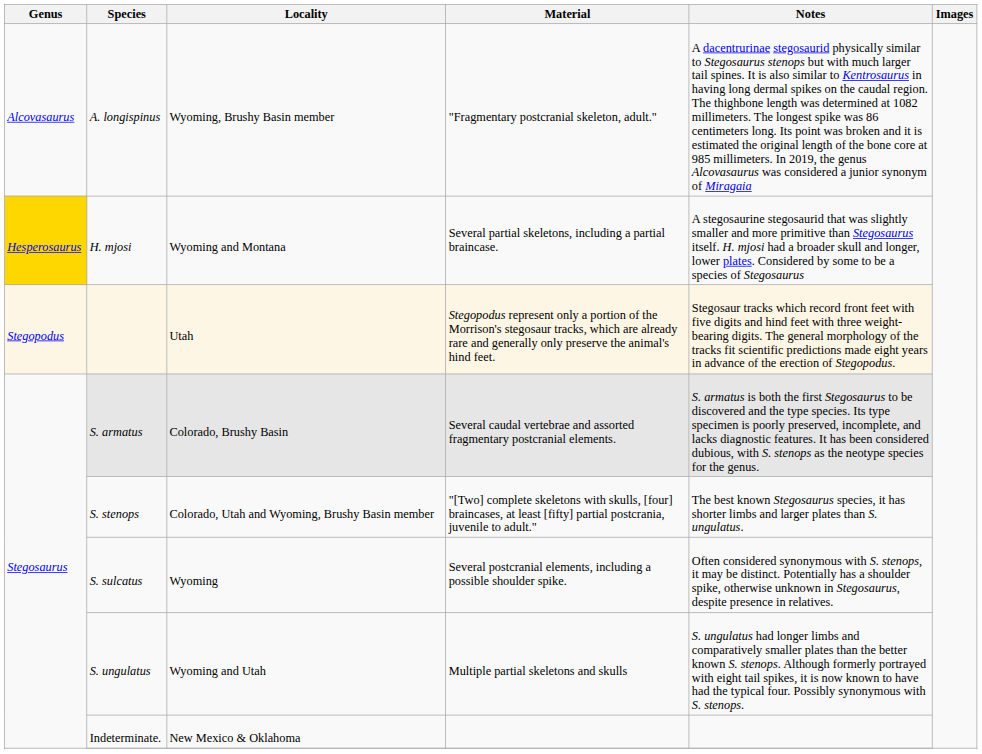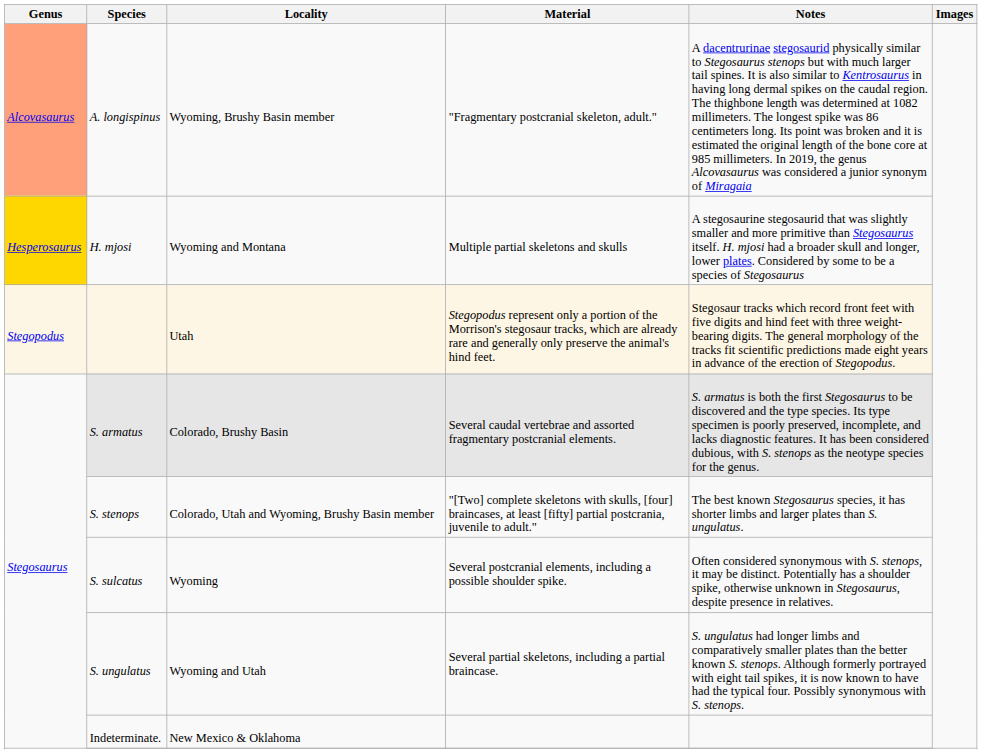 <table class="wikitable" align="center" width="100%">
 <tr>
 <th>Genus</th>
 <th>Species</th>
 <th>Locality</th>
 <th width="25%">Material</th>
 <th width="25%">Notes</th>
 <th>Images</th>
 </tr>
 <tr>
-<td><br><em><a href='#'>Alcovasaurus</a></em></td>
+<td style="background: lightsalmon;"><br><em><a href='#'>Alcovasaurus</a></em></td>
 <td><br><em>A. longispinus</em></td>
 <td><br>Wyoming, Brushy Basin member</td>
 <td><br>"Fragmentary postcranial skeleton, adult."</td>
 <td><br>A <a href='#'>dacentrurinae</a> <a href='#'>stegosaurid</a> physically similar to <em>Stegosaurus stenops</em> but with much larger tail spines. It is also similar to <em><a href='#'>Kentrosaurus</a></em> in having long dermal spikes on the caudal region. The thighbone length was determined at 1082 millimeters. The longest spike was 86 centimeters long. Its point was broken and it is estimated the original length of the bone core at 985 millimeters. In 2019, the genus <em>Alcovasaurus</em> was considered a junior synonym of <em><a href='#'>Miragaia</a></em></td>
 <td rowspan="34"><br>   </td>
 </tr>
 <tr>
 <td style="background: gold;"><br><em><a href='#'>Hesperosaurus</a></em></td>
 <td><br><em>H. mjosi</em></td>
 <td><br>Wyoming and Montana</td>
-<td>Several partial skeletons, including a partial braincase.</td>
+<td><br>Multiple partial skeletons and skulls</td>
 <td><br>A stegosaurine stegosaurid that was slightly smaller and more primitive than <em><a href='#'>Stegosaurus</a></em> itself. <em>H. mjosi</em> had a broader skull and longer, lower <a href='#'>plates</a>. Considered by some to be a species of <em>Stegosaurus</em></td>
 </tr>
 <tr>
 <td style="background:#FEF6E4;"><br><em><a href='#'>Stegopodus</a></em></td>
 <td style="background:#FEF6E4;"></td>
 <td style="background:#FEF6E4;"><br>Utah</td>
 <td style="background:#FEF6E4;"><br><em>Stegopodus</em> represent only a portion of the Morrison's stegosaur tracks, which are already rare and generally only preserve the animal's hind feet.</td>
 <td style="background:#FEF6E4;"><br>Stegosaur tracks which record front feet with five digits and hind feet with three weight-bearing digits. The general morphology of the tracks fit scientific predictions made eight years in advance of the erection of <em>Stegopodus</em>.</td>
 </tr>
 <tr>
 <td rowspan=8><br><em><a href='#'>Stegosaurus</a></em></td>
 <td style="background:#E6E6E6;"><br><em>S. armatus</em></td>
 <td style="background:#E6E6E6;"><br>Colorado, Brushy Basin</td>
 <td style="background:#E6E6E6;"><br>Several caudal vertebrae and assorted fragmentary postcranial elements.</td>
 <td style="background:#E6E6E6;"><br><em>S. armatus</em> is both the first <em>Stegosaurus</em> to be discovered and the type species. Its type specimen is poorly preserved, incomplete, and lacks diagnostic features. It has been considered dubious, with <em>S. stenops</em> as the neotype species for the genus.</td>
 </tr>
 <tr>
 <td><br><em>S. stenops</em></td>
 <td><br>Colorado, Utah and Wyoming, Brushy Basin member</td>
 <td><br>"[Two] complete skeletons with skulls, [four] braincases, at least [fifty] partial postcrania, juvenile to adult."</td>
 <td><br>The best known <em>Stegosaurus</em> species, it has shorter limbs and larger plates than <em>S. ungulatus</em>.</td>
 </tr>
 <tr>
 <td><br><em>S. sulcatus</em></td>
 <td><br>Wyoming</td>
 <td>Several postcranial elements, including a possible shoulder spike.</td>
 <td><br>Often considered synonymous with <em>S. stenops</em>, it may be distinct. Potentially has a shoulder spike, otherwise unknown in <em>Stegosaurus</em>, despite presence in relatives.</td>
 </tr>
 <tr>
 <td><br><em>S. ungulatus</em></td>
 <td><br>Wyoming and Utah</td>
-<td><br>Multiple partial skeletons and skulls</td>
+<td>Several partial skeletons, including a partial braincase.</td>
 <td><br><em>S. ungulatus</em> had longer limbs and comparatively smaller plates than the better known <em>S. stenops</em>. Although formerly portrayed with eight tail spikes, it is now known to have had the typical four. Possibly synonymous with <em>S. stenops</em>.</td>
 </tr>
 <tr>
 <td><br>Indeterminate.</td>
 <td><br>New Mexico & Oklahoma</td>
 <td></td>
 <td></td>
 </tr>
 <tr>
 </tr>
 </table>
